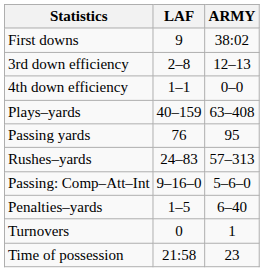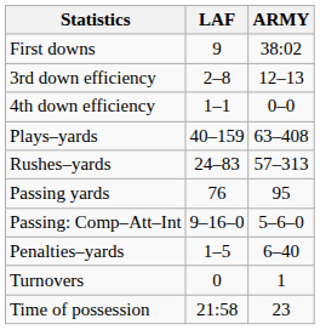 <table class="wikitable">
 <tr>
 <th>Statistics</th>
 <th>LAF</th>
 <th>ARMY</th>
 </tr>
 <tr>
 <td>First downs</td>
 <td align=center>9</td>
 <td align=center>38:02</td>
 </tr>
 <tr>
 <td>3rd down efficiency</td>
 <td align=center>2–8</td>
 <td align=center>12–13</td>
 </tr>
 <tr>
 <td>4th down efficiency</td>
 <td align=center>1–1</td>
 <td align=center>0–0</td>
 </tr>
 <tr>
 <td>Plays–yards</td>
 <td align=center>40–159</td>
 <td align=center>63–408</td>
 </tr>
 <tr>
+<td>Rushes–yards</td>
+<td align=center>24–83</td>
+<td align=center>57–313</td>
+</tr>
+<tr>
 <td>Passing yards</td>
 <td align=center>76</td>
 <td align=center>95</td>
-</tr>
-<tr>
-<td>Rushes–yards</td>
-<td align=center>24–83</td>
-<td align=center>57–313</td>
 </tr>
 <tr>
 <td>Passing: Comp–Att–Int</td>
 <td align=center>9–16–0</td>
 <td align=center>5–6–0</td>
 </tr>
 <tr>
 <td>Penalties–yards</td>
 <td align=center>1–5</td>
 <td align=center>6–40</td>
 </tr>
 <tr>
 <td>Turnovers</td>
 <td align=center>0</td>
 <td align=center>1</td>
 </tr>
 <tr>
 <td>Time of possession</td>
 <td align=center>21:58</td>
 <td align=center>23</td>
 </tr>
 </table>
